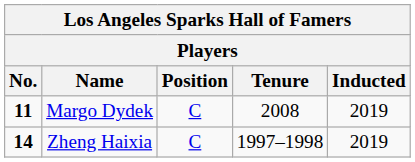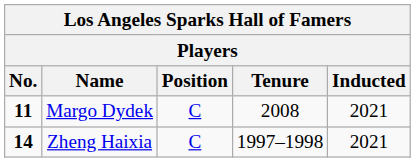 <table class="wikitable" style="text-align:center">
 <tr>
 <th colspan="5">Los Angeles Sparks Hall of Famers</th>
 </tr>
 <tr>
 <th colspan="5">Players</th>
 </tr>
 <tr>
 <th>No.</th>
 <th>Name</th>
 <th>Position</th>
 <th>Tenure</th>
 <th>Inducted</th>
 </tr>
 <tr>
 <td><strong>11</strong></td>
 <td><a href='#'>Margo Dydek</a></td>
 <td><a href='#'>C</a></td>
 <td>2008</td>
-<td>2019</td>
+<td>2021</td>
 </tr>
 <tr>
 <td><strong>14</strong></td>
 <td><a href='#'>Zheng Haixia</a></td>
 <td><a href='#'>C</a></td>
 <td>1997–1998</td>
-<td>2019</td>
+<td>2021</td>
 </tr>
 </table>
